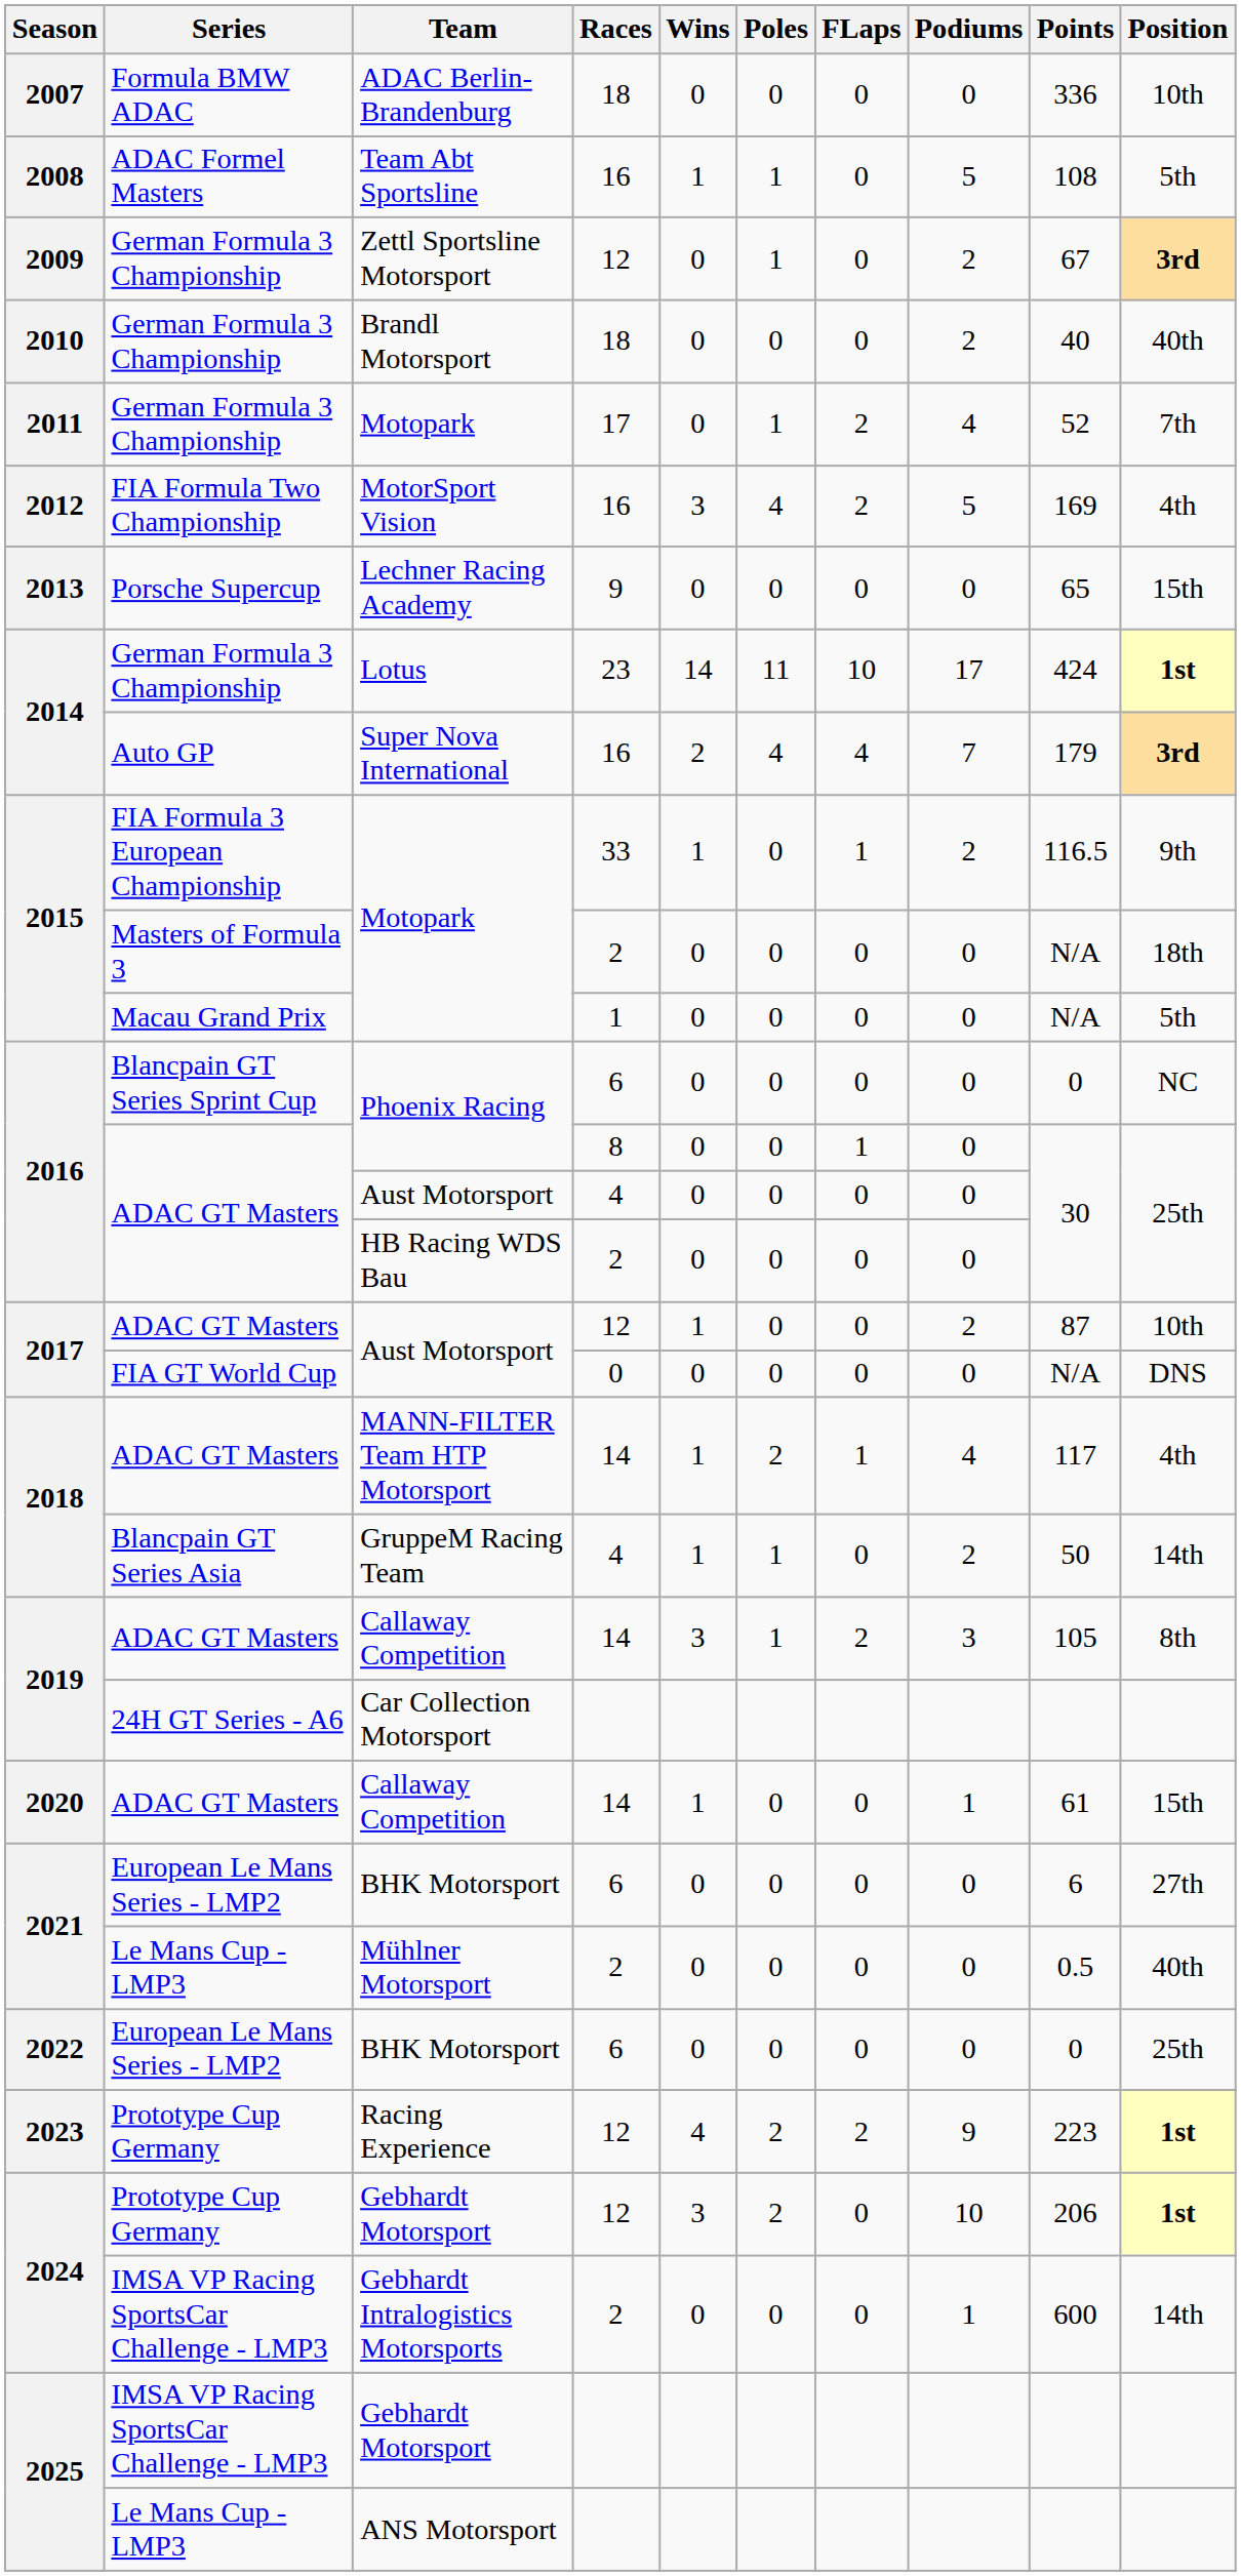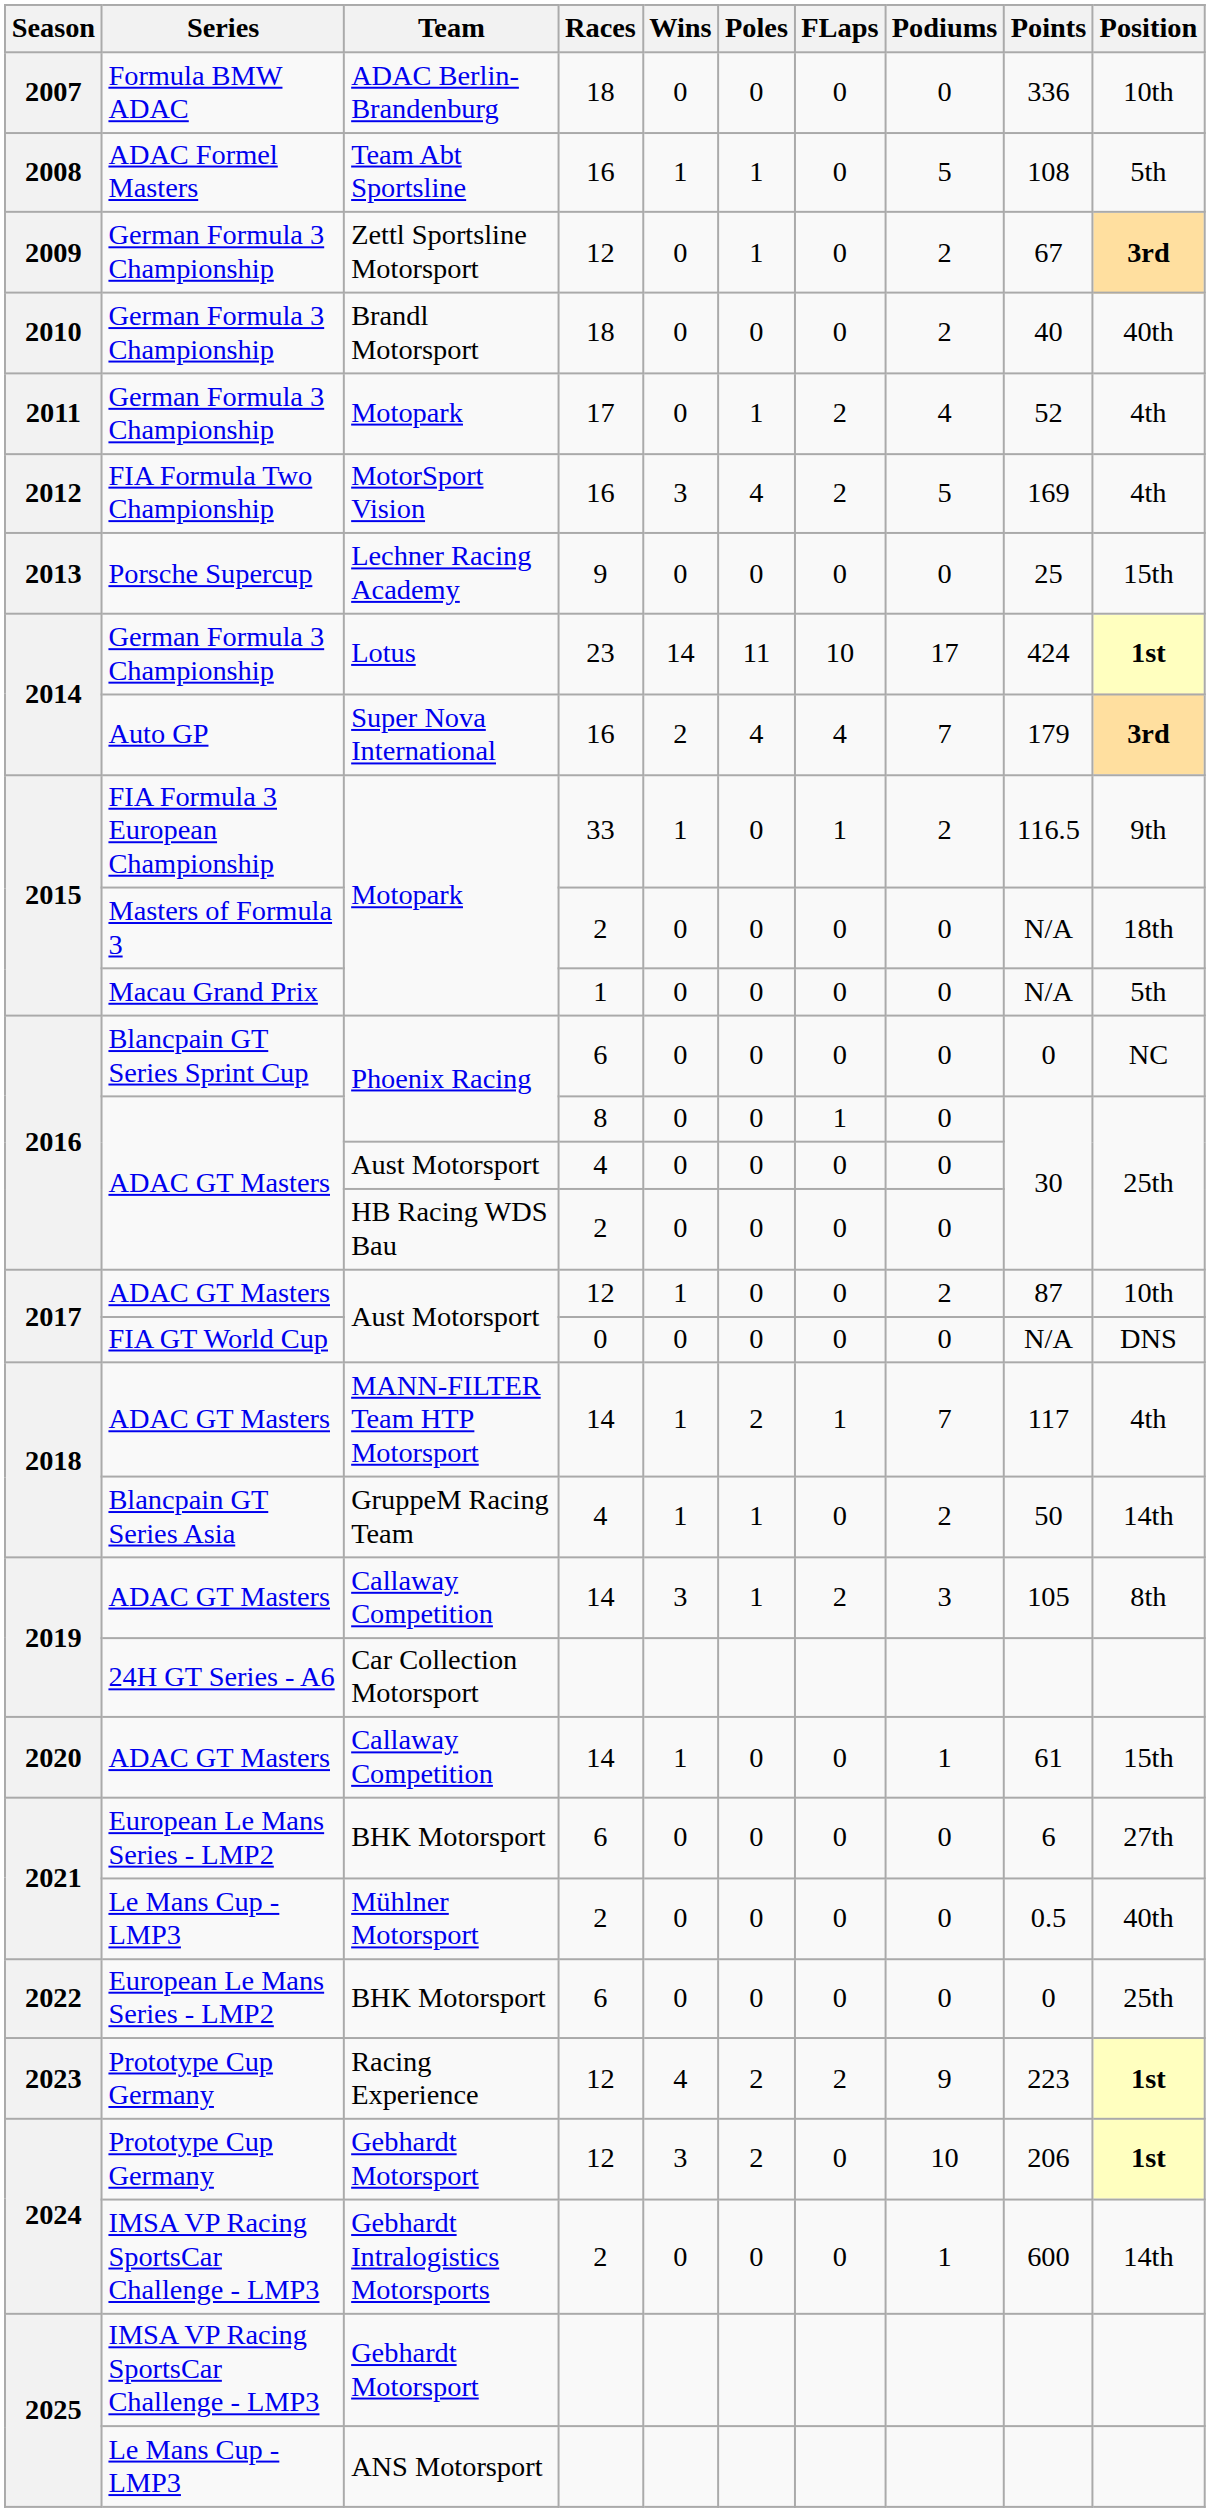 <table class="wikitable" style="font-size: 90%; text-align:center">
 <tr>
 <th>Season</th>
 <th>Series</th>
 <th>Team</th>
 <th>Races</th>
 <th>Wins</th>
 <th>Poles</th>
 <th>FLaps</th>
 <th>Podiums</th>
 <th>Points</th>
 <th>Position</th>
 </tr>
 <tr>
 <th>2007</th>
 <td align=left><a href='#'>Formula BMW ADAC</a></td>
 <td align=left><a href='#'>ADAC Berlin-Brandenburg</a></td>
 <td>18</td>
 <td>0</td>
 <td>0</td>
 <td>0</td>
 <td>0</td>
 <td>336</td>
 <td>10th</td>
 </tr>
 <tr>
 <th>2008</th>
 <td align=left><a href='#'>ADAC Formel Masters</a></td>
 <td align=left><a href='#'>Team Abt Sportsline</a></td>
 <td>16</td>
 <td>1</td>
 <td>1</td>
 <td>0</td>
 <td>5</td>
 <td>108</td>
 <td>5th</td>
 </tr>
 <tr>
 <th>2009</th>
 <td align=left><a href='#'>German Formula 3 Championship</a></td>
 <td align=left>Zettl Sportsline Motorsport</td>
 <td>12</td>
 <td>0</td>
 <td>1</td>
 <td>0</td>
 <td>2</td>
 <td>67</td>
 <td style="background-color:#FFDF9F"><strong>3rd</strong></td>
 </tr>
 <tr>
 <th>2010</th>
 <td align=left><a href='#'>German Formula 3 Championship</a></td>
 <td align=left>Brandl Motorsport</td>
 <td>18</td>
 <td>0</td>
 <td>0</td>
 <td>0</td>
 <td>2</td>
 <td>40</td>
 <td>40th</td>
 </tr>
 <tr>
 <th>2011</th>
 <td align=left><a href='#'>German Formula 3 Championship</a></td>
 <td align=left><a href='#'>Motopark</a></td>
 <td>17</td>
 <td>0</td>
 <td>1</td>
 <td>2</td>
 <td>4</td>
 <td>52</td>
-<td>7th</td>
+<td>4th</td>
 </tr>
 <tr>
 <th>2012</th>
 <td align=left><a href='#'>FIA Formula Two Championship</a></td>
 <td align=left><a href='#'>MotorSport Vision</a></td>
 <td>16</td>
 <td>3</td>
 <td>4</td>
 <td>2</td>
 <td>5</td>
 <td>169</td>
 <td>4th</td>
 </tr>
 <tr>
 <th>2013</th>
 <td align=left><a href='#'>Porsche Supercup</a></td>
 <td align=left><a href='#'>Lechner Racing Academy</a></td>
 <td>9</td>
 <td>0</td>
 <td>0</td>
 <td>0</td>
 <td>0</td>
-<td>65</td>
+<td>25</td>
 <td>15th</td>
 </tr>
 <tr>
 <th rowspan=2>2014</th>
 <td align=left><a href='#'>German Formula 3 Championship</a></td>
 <td align=left><a href='#'>Lotus</a></td>
 <td>23</td>
 <td>14</td>
 <td>11</td>
 <td>10</td>
 <td>17</td>
 <td>424</td>
 <td style="background:#FFFFBF;"><strong>1st</strong></td>
 </tr>
 <tr>
 <td align=left><a href='#'>Auto GP</a></td>
 <td align=left><a href='#'>Super Nova International</a></td>
 <td>16</td>
 <td>2</td>
 <td>4</td>
 <td>4</td>
 <td>7</td>
 <td>179</td>
 <td style="background-color:#FFDF9F"><strong>3rd</strong></td>
 </tr>
 <tr>
 <th rowspan=3>2015</th>
 <td align=left><a href='#'>FIA Formula 3 European Championship</a></td>
 <td align=left rowspan=3><a href='#'>Motopark</a></td>
 <td>33</td>
 <td>1</td>
 <td>0</td>
 <td>1</td>
 <td>2</td>
 <td>116.5</td>
 <td>9th</td>
 </tr>
 <tr>
 <td align=left><a href='#'>Masters of Formula 3</a></td>
 <td>2</td>
 <td>0</td>
 <td>0</td>
 <td>0</td>
 <td>0</td>
 <td>N/A</td>
 <td>18th</td>
 </tr>
 <tr>
 <td align=left><a href='#'>Macau Grand Prix</a></td>
 <td>1</td>
 <td>0</td>
 <td>0</td>
 <td>0</td>
 <td>0</td>
 <td>N/A</td>
 <td>5th</td>
 </tr>
 <tr>
 <th rowspan="4">2016</th>
 <td align=left><a href='#'>Blancpain GT Series Sprint Cup</a></td>
 <td rowspan="2" align="left"><a href='#'>Phoenix Racing</a></td>
 <td>6</td>
 <td>0</td>
 <td>0</td>
 <td>0</td>
 <td>0</td>
 <td>0</td>
 <td>NC</td>
 </tr>
 <tr>
 <td align=left rowspan=3><a href='#'>ADAC GT Masters</a></td>
 <td>8</td>
 <td>0</td>
 <td>0</td>
 <td>1</td>
 <td>0</td>
 <td rowspan=3>30</td>
 <td rowspan=3>25th</td>
 </tr>
 <tr>
 <td align=left>Aust Motorsport</td>
 <td>4</td>
 <td>0</td>
 <td>0</td>
 <td>0</td>
 <td>0</td>
 </tr>
 <tr>
 <td align=left>HB Racing WDS Bau</td>
 <td>2</td>
 <td>0</td>
 <td>0</td>
 <td>0</td>
 <td>0</td>
 </tr>
 <tr>
 <th rowspan=2>2017</th>
 <td align=left><a href='#'>ADAC GT Masters</a></td>
 <td align=left rowspan=2>Aust Motorsport</td>
 <td>12</td>
 <td>1</td>
 <td>0</td>
 <td>0</td>
 <td>2</td>
 <td>87</td>
 <td>10th</td>
 </tr>
 <tr>
 <td align=left><a href='#'>FIA GT World Cup</a></td>
 <td>0</td>
 <td>0</td>
 <td>0</td>
 <td>0</td>
 <td>0</td>
 <td>N/A</td>
 <td>DNS</td>
 </tr>
 <tr>
 <th rowspan="2">2018</th>
 <td align=left><a href='#'>ADAC GT Masters</a></td>
 <td align=left><a href='#'>MANN-FILTER Team HTP Motorsport</a></td>
 <td>14</td>
 <td>1</td>
 <td>2</td>
 <td>1</td>
-<td>4</td>
+<td>7</td>
 <td>117</td>
 <td>4th</td>
 </tr>
 <tr>
 <td align=left><a href='#'>Blancpain GT Series Asia</a></td>
 <td align="left">GruppeM Racing Team</td>
 <td>4</td>
 <td>1</td>
 <td>1</td>
 <td>0</td>
 <td>2</td>
 <td>50</td>
 <td>14th</td>
 </tr>
 <tr>
 <th rowspan="2">2019</th>
 <td align=left><a href='#'>ADAC GT Masters</a></td>
 <td align=left><a href='#'>Callaway Competition</a></td>
 <td>14</td>
 <td>3</td>
 <td>1</td>
 <td>2</td>
 <td>3</td>
 <td>105</td>
 <td>8th</td>
 </tr>
 <tr>
 <td align=left><a href='#'>24H GT Series - A6</a></td>
 <td align=left>Car Collection Motorsport</td>
 <td></td>
 <td></td>
 <td></td>
 <td></td>
 <td></td>
 <td></td>
 <td></td>
 </tr>
 <tr>
 <th>2020</th>
 <td align=left><a href='#'>ADAC GT Masters</a></td>
 <td align=left><a href='#'>Callaway Competition</a></td>
 <td>14</td>
 <td>1</td>
 <td>0</td>
 <td>0</td>
 <td>1</td>
 <td>61</td>
 <td>15th</td>
 </tr>
 <tr>
 <th rowspan="2">2021</th>
 <td align=left><a href='#'>European Le Mans Series - LMP2</a></td>
 <td align=left>BHK Motorsport</td>
 <td>6</td>
 <td>0</td>
 <td>0</td>
 <td>0</td>
 <td>0</td>
 <td>6</td>
 <td>27th</td>
 </tr>
 <tr>
 <td align=left><a href='#'>Le Mans Cup - LMP3</a></td>
 <td align=left><a href='#'>Mühlner Motorsport</a></td>
 <td>2</td>
 <td>0</td>
 <td>0</td>
 <td>0</td>
 <td>0</td>
 <td>0.5</td>
 <td>40th</td>
 </tr>
 <tr>
 <th>2022</th>
 <td align=left><a href='#'>European Le Mans Series - LMP2</a></td>
 <td align=left>BHK Motorsport</td>
 <td>6</td>
 <td>0</td>
 <td>0</td>
 <td>0</td>
 <td>0</td>
 <td>0</td>
 <td>25th</td>
 </tr>
 <tr>
 <th>2023</th>
 <td align=left><a href='#'>Prototype Cup Germany</a></td>
 <td align=left>Racing Experience</td>
 <td>12</td>
 <td>4</td>
 <td>2</td>
 <td>2</td>
 <td>9</td>
 <td>223</td>
 <td style="background:#FFFFBF;"><strong>1st</strong></td>
 </tr>
 <tr>
 <th rowspan="2">2024</th>
 <td align=left><a href='#'>Prototype Cup Germany</a></td>
 <td align=left><a href='#'>Gebhardt Motorsport</a></td>
 <td>12</td>
 <td>3</td>
 <td>2</td>
 <td>0</td>
 <td>10</td>
 <td>206</td>
 <td style="background:#FFFFBF;"><strong>1st</strong></td>
 </tr>
 <tr>
 <td align=left><a href='#'>IMSA VP Racing SportsCar Challenge - LMP3</a></td>
 <td align="left"><a href='#'>Gebhardt Intralogistics Motorsports</a></td>
 <td>2</td>
 <td>0</td>
 <td>0</td>
 <td>0</td>
 <td>1</td>
 <td>600</td>
 <td>14th</td>
 </tr>
 <tr>
 <th rowspan="2">2025</th>
 <td align=left><a href='#'>IMSA VP Racing SportsCar Challenge - LMP3</a></td>
 <td align=left><a href='#'>Gebhardt Motorsport</a></td>
 <td></td>
 <td></td>
 <td></td>
 <td></td>
 <td></td>
 <td></td>
 <td></td>
 </tr>
 <tr>
 <td align=left><a href='#'>Le Mans Cup - LMP3</a></td>
 <td align=left>ANS Motorsport</td>
 <td></td>
 <td></td>
 <td></td>
 <td></td>
 <td></td>
 <td></td>
 <td></td>
 </tr>
 </table>
